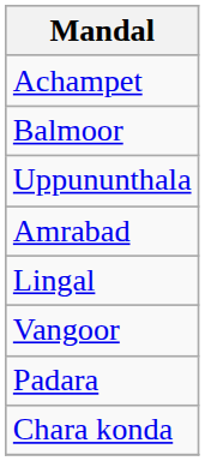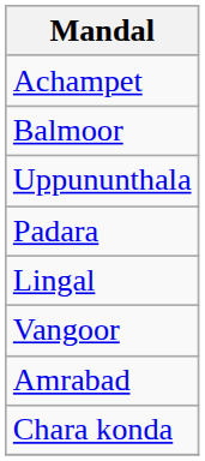 <table class="wikitable sortable static-row-numbers static-row-header-hash">
 <tr>
 <th>Mandal</th>
 </tr>
 <tr>
 <td><a href='#'>Achampet</a></td>
 </tr>
 <tr>
 <td><a href='#'>Balmoor</a></td>
 </tr>
 <tr>
 <td><a href='#'>Uppununthala</a></td>
 </tr>
 <tr>
-<td><a href='#'>Amrabad</a></td>
+<td><a href='#'>Padara</a></td>
 </tr>
 <tr>
 <td><a href='#'>Lingal</a></td>
 </tr>
 <tr>
 <td><a href='#'>Vangoor</a></td>
 </tr>
 <tr>
-<td><a href='#'>Padara</a></td>
+<td><a href='#'>Amrabad</a></td>
 </tr>
 <tr>
 <td><a href='#'>Chara konda</a></td>
 </tr>
 <tr>
 </tr>
 </table>
